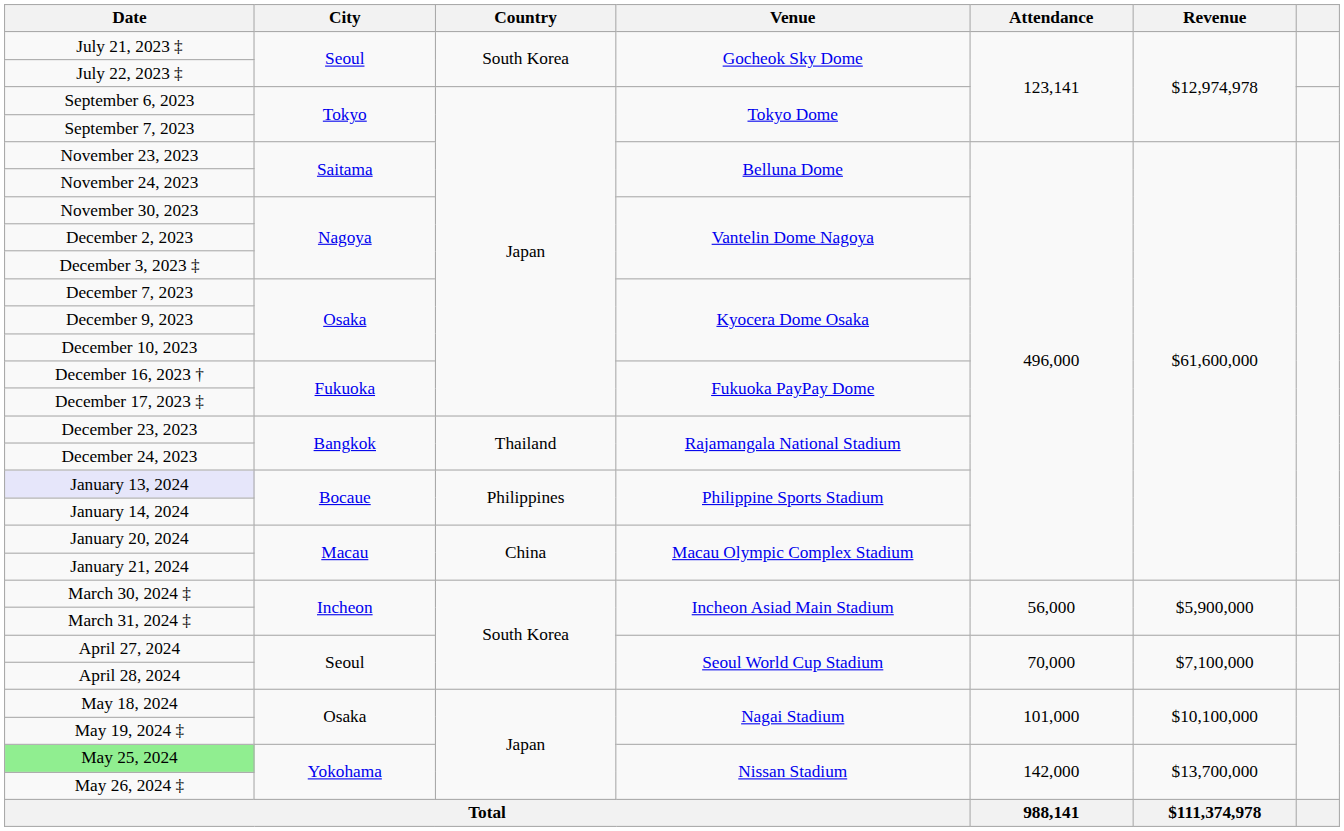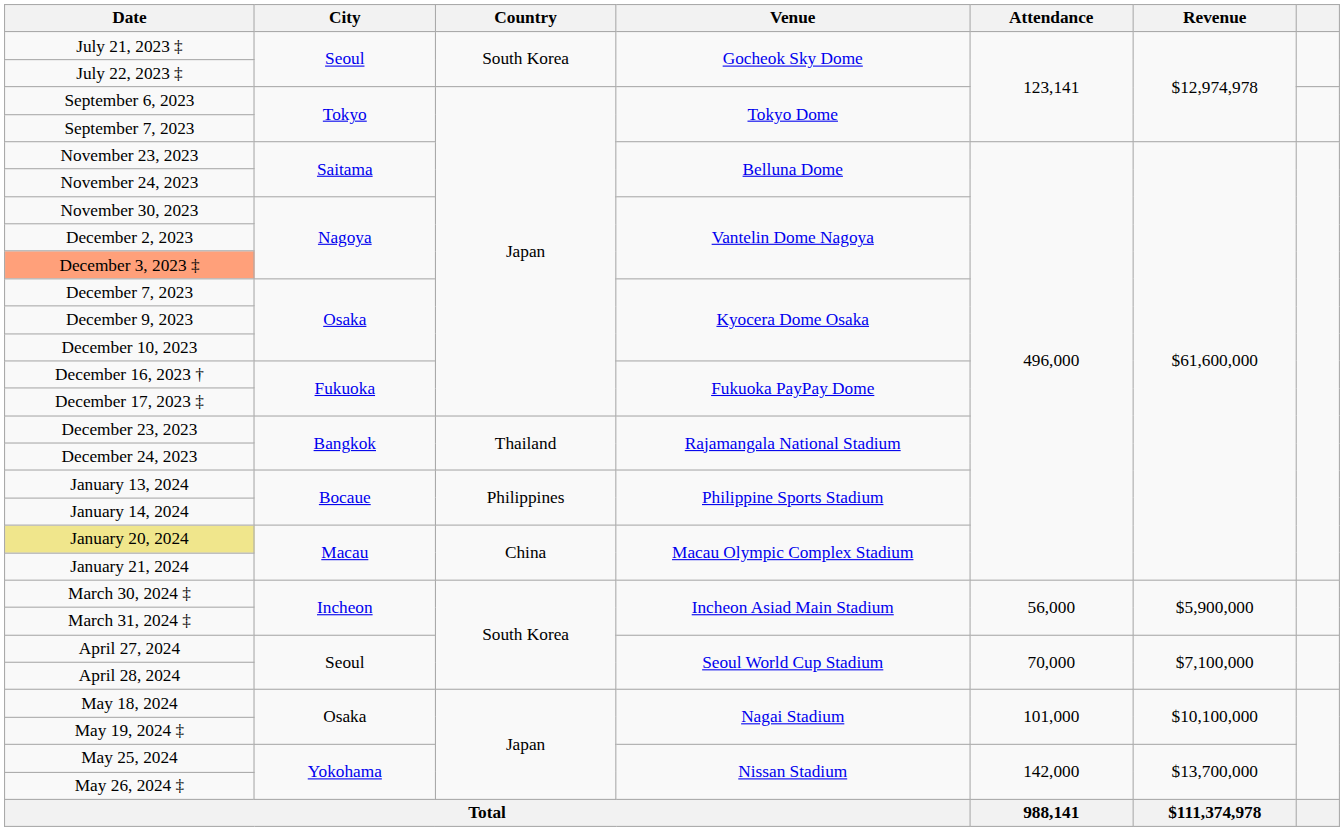 <table class="wikitable" style="text-align:center;">
 <tr>
 <th scope="col" style="width:14em;">Date</th>
 <th scope="col" style="width:10em;">City</th>
 <th scope="col" style="width:10em;">Country</th>
 <th scope="col" style="width:20em;">Venue</th>
 <th scope="col" style="width:9em;">Attendance</th>
 <th scope="col" style="width:9em;">Revenue</th>
 <th scope="col" style="width:2em;"></th>
 </tr>
 <tr>
 <td>July 21, 2023 ‡</td>
 <td rowspan="2"><a href='#'>Seoul</a></td>
 <td rowspan="2">South Korea</td>
 <td rowspan="2"><a href='#'>Gocheok Sky Dome</a></td>
 <td rowspan="4">123,141</td>
 <td rowspan="4">$12,974,978</td>
 <td rowspan="2"></td>
 </tr>
 <tr>
 <td>July 22, 2023 ‡</td>
 </tr>
 <tr>
 <td>September 6, 2023</td>
 <td rowspan="2"><a href='#'>Tokyo</a></td>
 <td rowspan="12">Japan</td>
 <td rowspan="2"><a href='#'>Tokyo Dome</a></td>
 <td rowspan="2"></td>
 </tr>
 <tr>
 <td>September 7, 2023</td>
 </tr>
 <tr>
 <td>November 23, 2023</td>
 <td rowspan="2"><a href='#'>Saitama</a></td>
 <td rowspan="2"><a href='#'>Belluna Dome</a></td>
 <td rowspan="16">496,000</td>
 <td rowspan="16">$61,600,000</td>
 <td rowspan="16"></td>
 </tr>
 <tr>
 <td>November 24, 2023</td>
 </tr>
 <tr>
 <td>November 30, 2023</td>
 <td rowspan="3"><a href='#'>Nagoya</a></td>
 <td rowspan="3"><a href='#'>Vantelin Dome Nagoya</a></td>
 </tr>
 <tr>
 <td>December 2, 2023</td>
 </tr>
 <tr>
-<td>December 3, 2023 ‡</td>
+<td style="background: lightsalmon;">December 3, 2023 ‡</td>
 </tr>
 <tr>
 <td>December 7, 2023</td>
 <td rowspan="3"><a href='#'>Osaka</a></td>
 <td rowspan="3"><a href='#'>Kyocera Dome Osaka</a></td>
 </tr>
 <tr>
 <td>December 9, 2023</td>
 </tr>
 <tr>
 <td>December 10, 2023</td>
 </tr>
 <tr>
 <td>December 16, 2023 †</td>
 <td rowspan="2"><a href='#'>Fukuoka</a></td>
 <td rowspan="2"><a href='#'>Fukuoka PayPay Dome</a></td>
 </tr>
 <tr>
 <td>December 17, 2023 ‡</td>
 </tr>
 <tr>
 <td>December 23, 2023</td>
 <td rowspan="2"><a href='#'>Bangkok</a></td>
 <td rowspan="2">Thailand</td>
 <td rowspan="2"><a href='#'>Rajamangala National Stadium</a></td>
 </tr>
 <tr>
 <td>December 24, 2023</td>
 </tr>
 <tr>
-<td style="background: lavender;">January 13, 2024</td>
+<td>January 13, 2024</td>
 <td rowspan="2"><a href='#'>Bocaue</a></td>
 <td rowspan="2">Philippines</td>
 <td rowspan="2"><a href='#'>Philippine Sports Stadium</a></td>
 </tr>
 <tr>
 <td>January 14, 2024</td>
 </tr>
 <tr>
-<td>January 20, 2024</td>
+<td style="background: khaki;">January 20, 2024</td>
 <td rowspan="2"><a href='#'>Macau</a></td>
 <td rowspan="2">China</td>
 <td rowspan="2"><a href='#'>Macau Olympic Complex Stadium</a></td>
 </tr>
 <tr>
 <td>January 21, 2024</td>
 </tr>
 <tr>
 <td>March 30, 2024 ‡</td>
 <td rowspan="2"><a href='#'>Incheon</a></td>
 <td rowspan="4">South Korea</td>
 <td rowspan="2"><a href='#'>Incheon Asiad Main Stadium</a></td>
 <td rowspan="2">56,000</td>
 <td rowspan="2">$5,900,000</td>
 <td rowspan="2"></td>
 </tr>
 <tr>
 <td>March 31, 2024 ‡</td>
 </tr>
 <tr>
 <td>April 27, 2024</td>
 <td rowspan="2">Seoul</td>
 <td rowspan="2"><a href='#'>Seoul World Cup Stadium</a></td>
 <td rowspan="2">70,000</td>
 <td rowspan="2">$7,100,000</td>
 <td rowspan="2"></td>
 </tr>
 <tr>
 <td>April 28, 2024</td>
 </tr>
 <tr>
 <td>May 18, 2024</td>
 <td rowspan="2">Osaka</td>
 <td rowspan="4">Japan</td>
 <td rowspan="2"><a href='#'>Nagai Stadium</a></td>
 <td rowspan="2">101,000</td>
 <td rowspan="2">$10,100,000</td>
 <td rowspan="4"></td>
 </tr>
 <tr>
 <td>May 19, 2024 ‡</td>
 </tr>
 <tr>
-<td style="background: lightgreen;">May 25, 2024</td>
+<td>May 25, 2024</td>
 <td rowspan="2"><a href='#'>Yokohama</a></td>
 <td rowspan="2"><a href='#'>Nissan Stadium</a></td>
 <td rowspan="2">142,000</td>
 <td rowspan="2">$13,700,000</td>
 </tr>
 <tr>
 <td>May 26, 2024 ‡</td>
 </tr>
 <tr>
 <th colspan="4">Total</th>
 <th>988,141</th>
 <th>$111,374,978</th>
 <th></th>
 </tr>
 </table>
